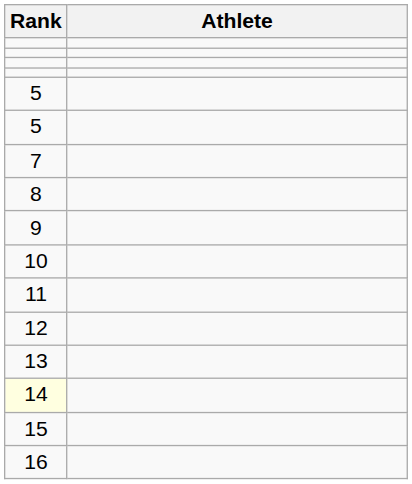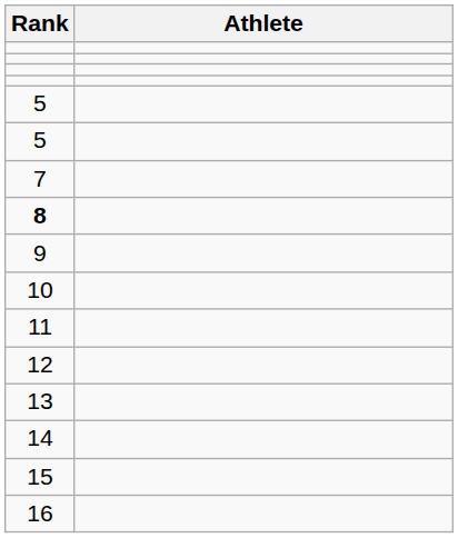 <table class="wikitable" style="text-align: center;">
 <tr>
 <th width=40>Rank</th>
 <th width=250>Athlete</th>
 </tr>
 <tr>
 <td></td>
 <td align="left"></td>
 </tr>
 <tr>
 <td></td>
 <td align="left"></td>
 </tr>
 <tr>
 <td></td>
 <td align="left"></td>
 </tr>
 <tr>
 <td></td>
 <td align="left"></td>
 </tr>
 <tr>
 <td>5</td>
 <td align="left"></td>
 </tr>
 <tr>
 <td>5</td>
 <td align="left"></td>
 </tr>
 <tr>
 <td>7</td>
 <td align="left"></td>
 </tr>
 <tr>
-<td>8</td>
+<td><strong>8</strong></td>
 <td align="left"></td>
 </tr>
 <tr>
 <td>9</td>
 <td align="left"></td>
 </tr>
 <tr>
 <td>10</td>
 <td align="left"></td>
 </tr>
 <tr>
 <td>11</td>
 <td align="left"></td>
 </tr>
 <tr>
 <td>12</td>
 <td align="left"></td>
 </tr>
 <tr>
 <td>13</td>
 <td align="left"></td>
 </tr>
 <tr>
-<td style="background: lightyellow;">14</td>
+<td>14</td>
 <td align="left"></td>
 </tr>
 <tr>
 <td>15</td>
 <td align="left"></td>
 </tr>
 <tr>
 <td>16</td>
 <td align="left"></td>
 </tr>
 </table>
